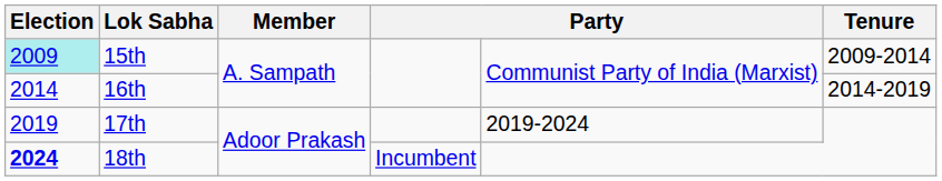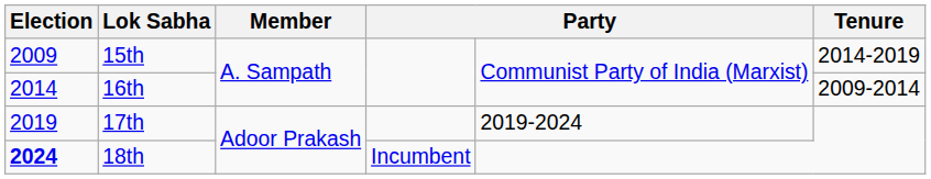 <table class="wikitable">
 <tr>
 <th>Election</th>
 <th>Lok Sabha</th>
 <th>Member</th>
 <th colspan="2">Party</th>
 <th>Tenure</th>
 </tr>
 <tr>
-<td style="background: paleturquoise;"><a href='#'>2009</a></td>
+<td><a href='#'>2009</a></td>
 <td><a href='#'>15th</a></td>
 <td rowspan="2"><a href='#'>A. Sampath</a></td>
 <td rowspan="2" style="background-color: "></td>
 <td rowspan="2"><a href='#'>Communist Party of India (Marxist)</a></td>
-<td>2009-2014</td>
+<td>2014-2019</td>
 </tr>
 <tr>
 <td><a href='#'>2014</a></td>
 <td><a href='#'>16th</a></td>
-<td>2014-2019</td>
+<td>2009-2014</td>
 </tr>
 <tr>
 <td><a href='#'>2019</a></td>
 <td><a href='#'>17th</a></td>
 <td rowspan="2"><a href='#'>Adoor Prakash</a></td>
 <td></td>
 <td>2019-2024</td>
 </tr>
 <tr>
 <td><strong><a href='#'>2024</a></strong></td>
 <td><a href='#'>18th</a></td>
 <td><a href='#'>Incumbent</a></td>
 </tr>
 </table>
